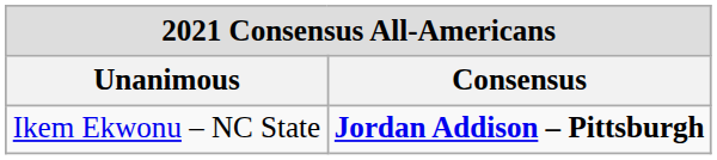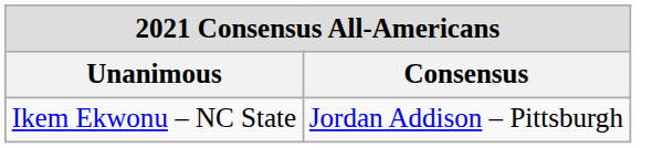 <table class="wikitable" style="white-space:nowrap; font-size:90%; text-align:center;">
 <tr>
 <td colspan="7" style="text-align:center; background:#ddd;"><strong>2021 Consensus All-Americans</strong></td>
 </tr>
 <tr>
 <th>Unanimous</th>
 <th>Consensus</th>
 </tr>
 <tr>
 <td><a href='#'>Ikem Ekwonu</a> – NC State</td>
-<td><strong><a href='#'>Jordan Addison</a> – Pittsburgh</strong></td>
+<td><a href='#'>Jordan Addison</a> – Pittsburgh</td>
 </tr>
 </table>
